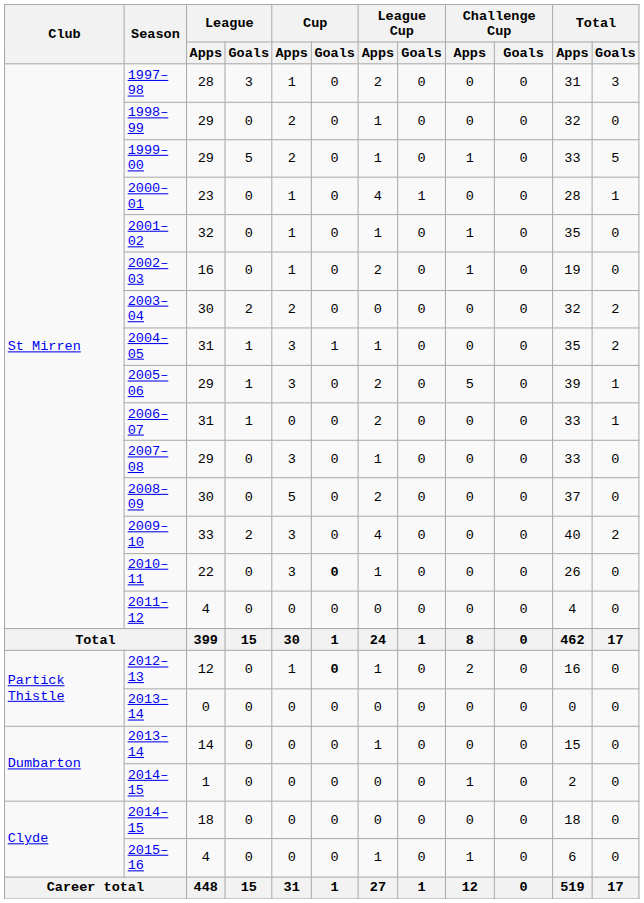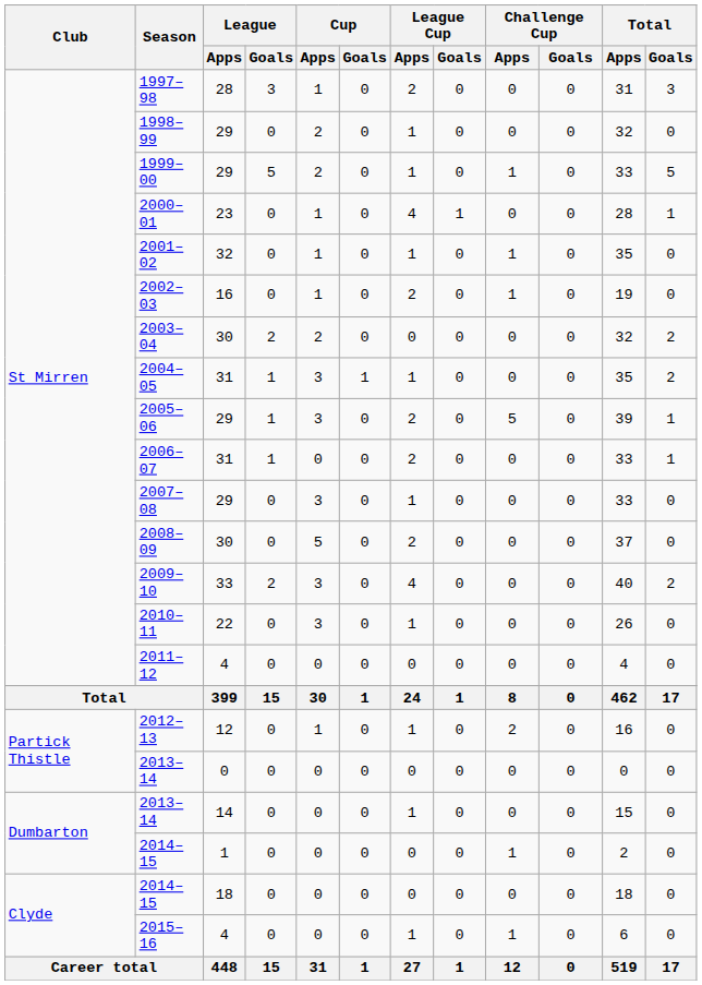 <table class="wikitable" style="font-size:100%; text-align:center">
 <tr>
 <th rowspan="2">Club</th>
 <th rowspan="2">Season</th>
 <th colspan="2">League</th>
 <th colspan="2">Cup</th>
 <th colspan="2">League Cup</th>
 <th colspan="2">Challenge Cup</th>
 <th colspan="2">Total</th>
 </tr>
 <tr>
 <th>Apps</th>
 <th>Goals</th>
 <th>Apps</th>
 <th>Goals</th>
 <th>Apps</th>
 <th>Goals</th>
 <th>Apps</th>
 <th>Goals</th>
 <th>Apps</th>
 <th>Goals</th>
 </tr>
 <tr>
 <td rowspan="15" style="text-align:left"><a href='#'>St Mirren</a></td>
 <td style="text-align:left"><a href='#'>1997–98</a></td>
 <td>28</td>
 <td>3</td>
 <td>1</td>
 <td>0</td>
 <td>2</td>
 <td>0</td>
 <td>0</td>
 <td>0</td>
 <td>31</td>
 <td>3</td>
 </tr>
 <tr>
 <td style="text-align:left"><a href='#'>1998–99</a></td>
 <td>29</td>
 <td>0</td>
 <td>2</td>
 <td>0</td>
 <td>1</td>
 <td>0</td>
 <td>0</td>
 <td>0</td>
 <td>32</td>
 <td>0</td>
 </tr>
 <tr>
 <td style="text-align:left"><a href='#'>1999–00</a></td>
 <td>29</td>
 <td>5</td>
 <td>2</td>
 <td>0</td>
 <td>1</td>
 <td>0</td>
 <td>1</td>
 <td>0</td>
 <td>33</td>
 <td>5</td>
 </tr>
 <tr>
 <td style="text-align:left"><a href='#'>2000–01</a></td>
 <td>23</td>
 <td>0</td>
 <td>1</td>
 <td>0</td>
 <td>4</td>
 <td>1</td>
 <td>0</td>
 <td>0</td>
 <td>28</td>
 <td>1</td>
 </tr>
 <tr>
 <td style="text-align:left"><a href='#'>2001–02</a></td>
 <td>32</td>
 <td>0</td>
 <td>1</td>
 <td>0</td>
 <td>1</td>
 <td>0</td>
 <td>1</td>
 <td>0</td>
 <td>35</td>
 <td>0</td>
 </tr>
 <tr>
 <td style="text-align:left"><a href='#'>2002–03</a></td>
 <td>16</td>
 <td>0</td>
 <td>1</td>
 <td>0</td>
 <td>2</td>
 <td>0</td>
 <td>1</td>
 <td>0</td>
 <td>19</td>
 <td>0</td>
 </tr>
 <tr>
 <td style="text-align:left"><a href='#'>2003–04</a></td>
 <td>30</td>
 <td>2</td>
 <td>2</td>
 <td>0</td>
 <td>0</td>
 <td>0</td>
 <td>0</td>
 <td>0</td>
 <td>32</td>
 <td>2</td>
 </tr>
 <tr>
 <td style="text-align:left"><a href='#'>2004–05</a></td>
 <td>31</td>
 <td>1</td>
 <td>3</td>
 <td>1</td>
 <td>1</td>
 <td>0</td>
 <td>0</td>
 <td>0</td>
 <td>35</td>
 <td>2</td>
 </tr>
 <tr>
 <td style="text-align:left"><a href='#'>2005–06</a></td>
 <td>29</td>
 <td>1</td>
 <td>3</td>
 <td>0</td>
 <td>2</td>
 <td>0</td>
 <td>5 </td>
 <td>0</td>
 <td>39</td>
 <td>1</td>
 </tr>
 <tr>
 <td style="text-align:left"><a href='#'>2006–07</a></td>
 <td>31</td>
 <td>1</td>
 <td>0</td>
 <td>0</td>
 <td>2</td>
 <td>0</td>
 <td>0</td>
 <td>0</td>
 <td>33</td>
 <td>1</td>
 </tr>
 <tr>
 <td style="text-align:left"><a href='#'>2007–08</a></td>
 <td>29</td>
 <td>0</td>
 <td>3</td>
 <td>0</td>
 <td>1</td>
 <td>0</td>
 <td>0</td>
 <td>0</td>
 <td>33</td>
 <td>0</td>
 </tr>
 <tr>
 <td style="text-align:left"><a href='#'>2008–09</a></td>
 <td>30</td>
 <td>0</td>
 <td>5</td>
 <td>0</td>
 <td>2</td>
 <td>0</td>
 <td>0</td>
 <td>0</td>
 <td>37</td>
 <td>0</td>
 </tr>
 <tr>
 <td style="text-align:left"><a href='#'>2009–10</a></td>
 <td>33</td>
 <td>2</td>
 <td>3</td>
 <td>0</td>
 <td>4</td>
 <td>0</td>
 <td>0</td>
 <td>0</td>
 <td>40</td>
 <td>2</td>
 </tr>
 <tr>
 <td style="text-align:left"><a href='#'>2010–11</a></td>
 <td>22</td>
 <td>0</td>
 <td>3</td>
-<td><strong>0</strong></td>
+<td>0</td>
 <td>1</td>
 <td>0</td>
 <td>0</td>
 <td>0</td>
 <td>26</td>
 <td>0</td>
 </tr>
 <tr>
 <td style="text-align:left"><a href='#'>2011–12</a></td>
 <td>4</td>
 <td>0</td>
 <td>0</td>
 <td>0</td>
 <td>0</td>
 <td>0</td>
 <td>0</td>
 <td>0</td>
 <td>4</td>
 <td>0</td>
 </tr>
 <tr>
 </tr>
 <tr Total !! 399 !! 15 !! 30 !! 1 !! 24 !! 1 !! 8 !! 0 !! 462 !! 17>
 </tr>
 <tr>
 <th colspan="2">Total</th>
 <th>399</th>
 <th>15</th>
 <th>30</th>
 <th>1</th>
 <th>24</th>
 <th>1</th>
 <th>8</th>
 <th>0</th>
 <th>462</th>
 <th>17</th>
 </tr>
 <tr>
 <td rowspan="2" style="text-align:left"><a href='#'>Partick Thistle</a></td>
 <td style="text-align:left"><a href='#'>2012–13</a></td>
 <td>12</td>
 <td>0</td>
 <td>1</td>
-<td><strong>0</strong></td>
+<td>0</td>
 <td>1</td>
 <td>0</td>
 <td>2</td>
 <td>0</td>
 <td>16</td>
 <td>0</td>
 </tr>
 <tr>
 <td style="text-align:left"><a href='#'>2013–14</a></td>
 <td>0</td>
 <td>0</td>
 <td>0</td>
 <td>0</td>
 <td>0</td>
 <td>0</td>
 <td>0</td>
 <td>0</td>
 <td>0</td>
 <td>0</td>
 </tr>
 <tr>
 <td rowspan="2" style="text-align:left"><a href='#'>Dumbarton</a></td>
 <td style="text-align:left"><a href='#'>2013–14</a></td>
 <td>14</td>
 <td>0</td>
 <td>0</td>
 <td>0</td>
 <td>1</td>
 <td>0</td>
 <td>0</td>
 <td>0</td>
 <td>15</td>
 <td>0</td>
 </tr>
 <tr>
 <td style="text-align:left"><a href='#'>2014–15</a></td>
 <td>1</td>
 <td>0</td>
 <td>0</td>
 <td>0</td>
 <td>0</td>
 <td>0</td>
 <td>1</td>
 <td>0</td>
 <td>2</td>
 <td>0</td>
 </tr>
 <tr>
 <td rowspan="2" style="text-align:left"><a href='#'>Clyde</a></td>
 <td style="text-align:left"><a href='#'>2014–15</a></td>
 <td>18</td>
 <td>0</td>
 <td>0</td>
 <td>0</td>
 <td>0</td>
 <td>0</td>
 <td>0</td>
 <td>0</td>
 <td>18</td>
 <td>0</td>
 </tr>
 <tr>
 <td style="text-align:left"><a href='#'>2015–16</a></td>
 <td>4</td>
 <td>0</td>
 <td>0</td>
 <td>0</td>
 <td>1</td>
 <td>0</td>
 <td>1</td>
 <td>0</td>
 <td>6</td>
 <td>0</td>
 </tr>
 <tr>
 <th colspan="2">Career total</th>
 <th>448</th>
 <th>15</th>
 <th>31</th>
 <th>1</th>
 <th>27</th>
 <th>1</th>
 <th>12</th>
 <th>0</th>
 <th>519</th>
 <th>17</th>
 </tr>
 </table>
